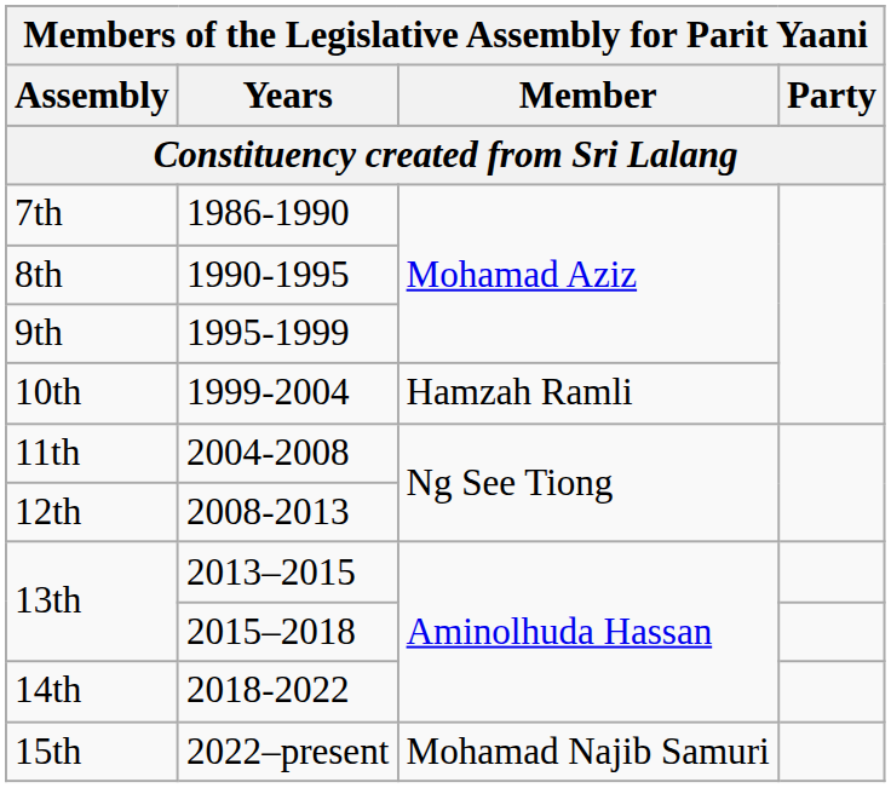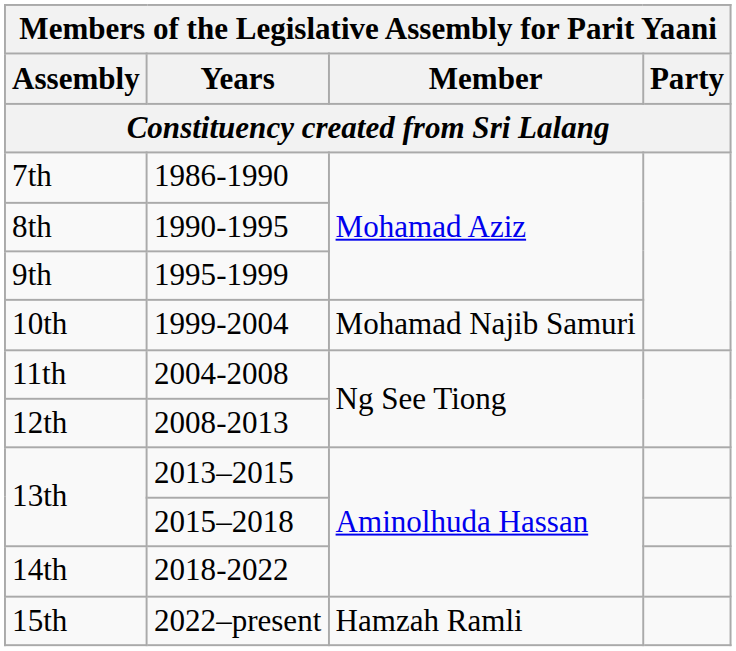 <table class=wikitable>
 <tr>
 <th colspan=4>Members of the Legislative Assembly for Parit Yaani</th>
 </tr>
 <tr>
 <th>Assembly</th>
 <th>Years</th>
 <th>Member</th>
 <th>Party</th>
 </tr>
 <tr>
 <th colspan=4 align=center><em>Constituency created from Sri Lalang</em></th>
 </tr>
 <tr>
 <td>7th</td>
 <td>1986-1990</td>
 <td rowspan="3"><a href='#'>Mohamad Aziz</a></td>
 <td rowspan="4"></td>
 </tr>
 <tr>
 <td>8th</td>
 <td>1990-1995</td>
 </tr>
 <tr>
 <td>9th</td>
 <td>1995-1999</td>
 </tr>
 <tr>
 <td>10th</td>
 <td>1999-2004</td>
-<td>Hamzah Ramli</td>
+<td>Mohamad Najib Samuri</td>
 </tr>
 <tr>
 <td>11th</td>
 <td>2004-2008</td>
 <td rowspan="2">Ng See Tiong</td>
 <td rowspan="2"></td>
 </tr>
 <tr>
 <td>12th</td>
 <td>2008-2013</td>
 </tr>
 <tr>
 <td rowspan="2">13th</td>
 <td>2013–2015</td>
 <td rowspan="3"><a href='#'>Aminolhuda Hassan</a></td>
 <td></td>
 </tr>
 <tr>
 <td>2015–2018</td>
 <td></td>
 </tr>
 <tr>
 <td>14th</td>
 <td>2018-2022</td>
 <td></td>
 </tr>
 <tr>
 <td>15th</td>
 <td>2022–present</td>
-<td>Mohamad Najib Samuri</td>
+<td>Hamzah Ramli</td>
 <td></td>
 </tr>
 </table>
